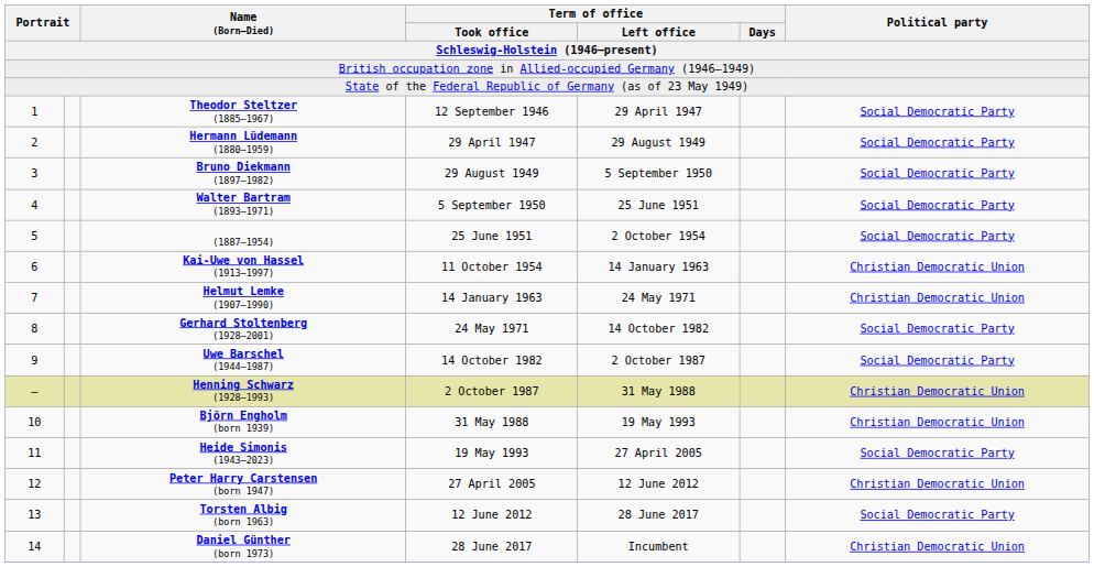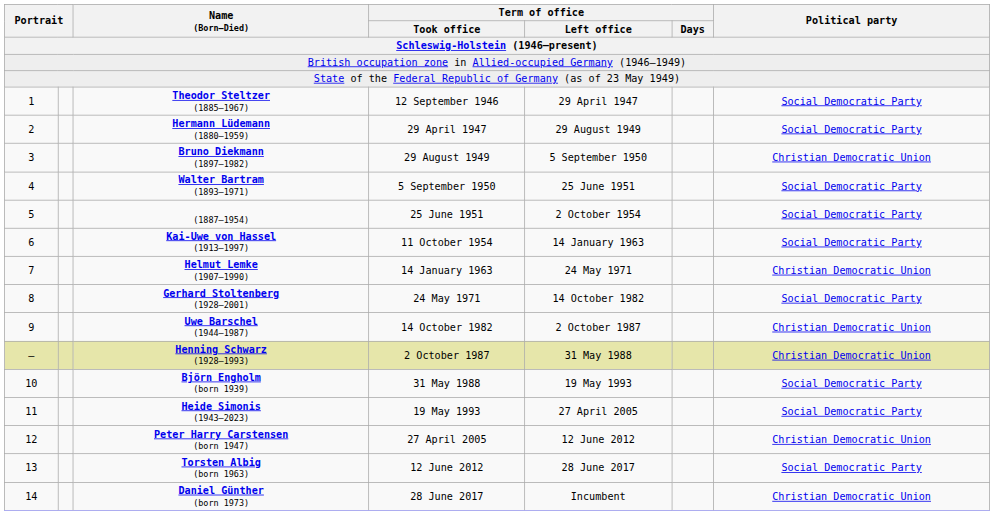 <table class="wikitable" style="text-align:center; width:100%; border:1px #AAAAFF solid">
 <tr>
 <th width=80px rowspan=2 colspan=2>Portrait</th>
 <th width=30% rowspan=2>Name<br><small>(Born–Died)</small></th>
 <th width=35% colspan=3>Term of office</th>
 <th width=28% rowspan=2>Political party</th>
 </tr>
 <tr>
 <th>Took office</th>
 <th>Left office</th>
 <th>Days</th>
 </tr>
 <tr>
 <th colspan="7"><a href='#'>Schleswig-Holstein</a> (1946–present)</th>
 </tr>
 <tr>
 <td bgcolor=#EEEEEE colspan=8><a href='#'>British occupation zone</a> in <a href='#'>Allied-occupied Germany</a> (1946–1949)</td>
 </tr>
 <tr>
 <td bgcolor=#EEEEEE colspan=8><a href='#'>State</a> of the <a href='#'>Federal Republic of Germany</a> (as of 23 May 1949)</td>
 </tr>
 <tr>
 <td style="background:">1</td>
 <td></td>
 <td><strong><a href='#'>Theodor Steltzer</a></strong><br><small>(1885–1967)</small></td>
 <td>12 September 1946</td>
 <td>29 April 1947</td>
 <td></td>
 <td><a href='#'>Social Democratic Party</a></td>
 </tr>
 <tr>
 <td style="background:">2</td>
 <td></td>
 <td><strong><a href='#'>Hermann Lüdemann</a></strong><br><small>(1880–1959)</small></td>
 <td>29 April 1947</td>
 <td>29 August 1949</td>
 <td></td>
 <td><a href='#'>Social Democratic Party</a></td>
 </tr>
 <tr>
 <td style="background:">3</td>
 <td></td>
 <td><strong><a href='#'>Bruno Diekmann</a></strong><br><small>(1897–1982)</small></td>
 <td>29 August 1949</td>
 <td>5 September 1950</td>
 <td></td>
-<td><a href='#'>Social Democratic Party</a></td>
+<td><a href='#'>Christian Democratic Union</a></td>
 </tr>
 <tr>
 <td style="background:">4</td>
 <td></td>
 <td><strong><a href='#'>Walter Bartram</a></strong><br><small>(1893–1971)</small></td>
 <td>5 September 1950</td>
 <td>25 June 1951</td>
 <td></td>
 <td><a href='#'>Social Democratic Party</a></td>
 </tr>
 <tr>
 <td style="background:">5</td>
 <td></td>
 <td><strong></strong><br><small>(1887–1954)</small></td>
 <td>25 June 1951</td>
 <td>2 October 1954</td>
 <td></td>
 <td><a href='#'>Social Democratic Party</a></td>
 </tr>
 <tr>
 <td style="background:">6</td>
 <td></td>
 <td><strong><a href='#'>Kai-Uwe von Hassel</a></strong><br><small>(1913–1997)</small></td>
 <td>11 October 1954</td>
 <td>14 January 1963</td>
 <td></td>
-<td><a href='#'>Christian Democratic Union</a></td>
+<td><a href='#'>Social Democratic Party</a></td>
 </tr>
 <tr>
 <td style="background:">7</td>
 <td></td>
 <td><strong><a href='#'>Helmut Lemke</a></strong><br><small>(1907–1990)</small></td>
 <td>14 January 1963</td>
 <td>24 May 1971</td>
 <td></td>
 <td><a href='#'>Christian Democratic Union</a></td>
 </tr>
 <tr>
 <td style="background:">8</td>
 <td></td>
 <td><strong><a href='#'>Gerhard Stoltenberg</a></strong><br><small>(1928–2001)</small></td>
 <td>24 May 1971</td>
 <td>14 October 1982</td>
 <td></td>
 <td><a href='#'>Social Democratic Party</a></td>
 </tr>
 <tr>
 <td style="background:">9</td>
 <td></td>
 <td><strong><a href='#'>Uwe Barschel</a></strong><br><small>(1944–1987)</small></td>
 <td>14 October 1982</td>
 <td>2 October 1987<br></td>
 <td></td>
-<td><a href='#'>Social Democratic Party</a></td>
+<td><a href='#'>Christian Democratic Union</a></td>
 </tr>
 <tr>
 <td style="background-color: #E6E6AA" style="background:">–</td>
 <td style="background-color: #E6E6AA"></td>
 <td style="background-color: #E6E6AA"><strong><a href='#'>Henning Schwarz</a></strong><br><small>(1928–1993)</small><br></td>
 <td style="background-color: #E6E6AA">2 October 1987</td>
 <td style="background-color: #E6E6AA">31 May 1988</td>
 <td style="background-color: #E6E6AA"></td>
 <td style="background-color: #E6E6AA"><a href='#'>Christian Democratic Union</a></td>
 </tr>
 <tr>
 <td style="background:">10</td>
 <td></td>
 <td><strong><a href='#'>Björn Engholm</a></strong><br><small>(born 1939)</small></td>
 <td>31 May 1988</td>
 <td>19 May 1993</td>
 <td></td>
-<td><a href='#'>Christian Democratic Union</a></td>
+<td><a href='#'>Social Democratic Party</a></td>
 </tr>
 <tr>
 <td style="background:">11</td>
 <td></td>
 <td><strong><a href='#'>Heide Simonis</a></strong><br><small>(1943–2023)</small></td>
 <td>19 May 1993</td>
 <td>27 April 2005</td>
 <td></td>
 <td><a href='#'>Social Democratic Party</a></td>
 </tr>
 <tr>
 <td style="background:">12</td>
 <td></td>
 <td><strong><a href='#'>Peter Harry Carstensen</a></strong><br><small>(born 1947)</small></td>
 <td>27 April 2005</td>
 <td>12 June 2012</td>
 <td></td>
 <td><a href='#'>Christian Democratic Union</a></td>
 </tr>
 <tr>
 <td style="background:">13</td>
 <td></td>
 <td><strong><a href='#'>Torsten Albig</a></strong><br><small>(born 1963)</small></td>
 <td>12 June 2012</td>
 <td>28 June 2017</td>
 <td></td>
 <td><a href='#'>Social Democratic Party</a></td>
 </tr>
 <tr>
 <td style="background:">14</td>
 <td></td>
 <td><strong><a href='#'>Daniel Günther</a></strong><br><small>(born 1973)</small></td>
 <td>28 June 2017</td>
 <td>Incumbent</td>
 <td></td>
 <td><a href='#'>Christian Democratic Union</a></td>
 </tr>
 <tr>
 </tr>
 </table>
